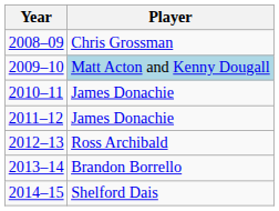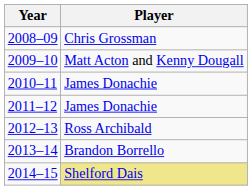 <table class="wikitable">
 <tr>
 <th>Year</th>
 <th>Player</th>
 </tr>
 <tr>
 <td><a href='#'>2008–09</a></td>
 <td> <a href='#'>Chris Grossman</a></td>
 </tr>
 <tr>
 <td><a href='#'>2009–10</a></td>
-<td style="background: lightblue;"> <a href='#'>Matt Acton</a> and <a href='#'>Kenny Dougall</a></td>
+<td> <a href='#'>Matt Acton</a> and <a href='#'>Kenny Dougall</a></td>
 </tr>
 <tr>
 <td><a href='#'>2010–11</a></td>
 <td> <a href='#'>James Donachie</a></td>
 </tr>
 <tr>
 <td><a href='#'>2011–12</a></td>
 <td> <a href='#'>James Donachie</a></td>
 </tr>
 <tr>
 <td><a href='#'>2012–13</a></td>
 <td> <a href='#'>Ross Archibald</a></td>
 </tr>
 <tr>
 <td><a href='#'>2013–14</a></td>
 <td> <a href='#'>Brandon Borrello</a></td>
 </tr>
 <tr>
 <td><a href='#'>2014–15</a></td>
-<td> <a href='#'>Shelford Dais</a></td>
+<td style="background: khaki;"> <a href='#'>Shelford Dais</a></td>
 </tr>
 </table>
